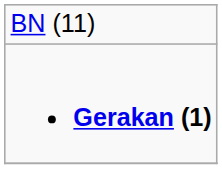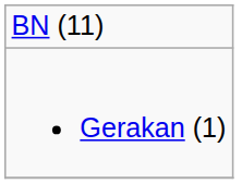 <table class="wikitable">
 <tr>
 <td> <a href='#'>BN</a> (11)</td>
 </tr>
 <tr>
-<td><strong><br><ul><li> <a href='#'>Gerakan</a> (1)</li></ul></strong></td>
+<td><br><ul><li> <a href='#'>Gerakan</a> (1)</li></ul></td>
 </tr>
 <tr>
 </tr>
 </table>
